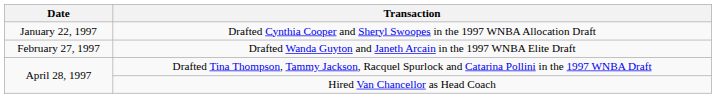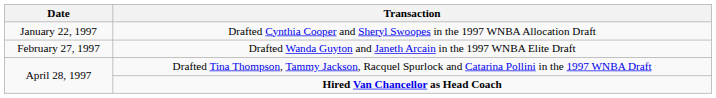 <table class="wikitable" style="width:80%; text-align: center;">
 <tr>
 <th>Date</th>
 <th>Transaction</th>
 </tr>
 <tr>
 <td>January 22, 1997</td>
 <td>Drafted <a href='#'>Cynthia Cooper</a> and <a href='#'>Sheryl Swoopes</a> in the 1997 WNBA Allocation Draft</td>
 </tr>
 <tr>
 <td>February 27, 1997</td>
 <td>Drafted <a href='#'>Wanda Guyton</a> and <a href='#'>Janeth Arcain</a> in the 1997 WNBA Elite Draft</td>
 </tr>
 <tr>
 <td rowspan="2">April 28, 1997</td>
 <td>Drafted <a href='#'>Tina Thompson</a>, <a href='#'>Tammy Jackson</a>, Racquel Spurlock and <a href='#'>Catarina Pollini</a> in the <a href='#'>1997 WNBA Draft</a></td>
 </tr>
 <tr>
-<td>Hired <a href='#'>Van Chancellor</a> as Head Coach</td>
+<td><strong>Hired <a href='#'>Van Chancellor</a> as Head Coach</strong></td>
 </tr>
 </table>
